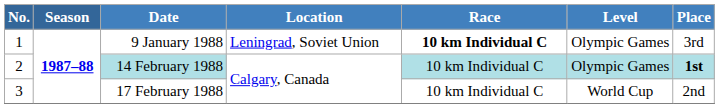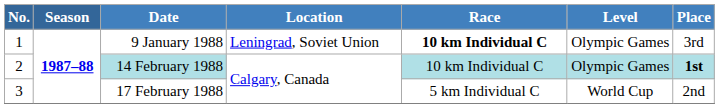 <table class="wikitable sortable" style="font-size:95%; text-align:center; border:grey solid 1px; border-collapse:collapse; background:#ffffff;">
 <tr style="background:#efefef;">
 <th style="background-color:#369; color:white;">No.</th>
 <th style="background-color:#369; color:white;">Season</th>
 <th style="background-color:#4180be; color:white; width:120px;">Date</th>
 <th style="background-color:#4180be; color:white; width:170px;">Location</th>
 <th style="background-color:#4180be; color:white; width:160px;">Race</th>
 <th style="background-color:#4180be; color:white; width:100px;">Level</th>
 <th style="background-color:#4180be; color:white;">Place</th>
 </tr>
 <tr>
 <td align=center>1</td>
 <td rowspan=3 align=center><strong> <a href='#'>1987–88</a> </strong></td>
 <td align=right>9 January 1988</td>
 <td align=left> <a href='#'>Leningrad</a>, Soviet Union</td>
 <td><strong>10 km Individual C</strong></td>
 <td>Olympic Games</td>
 <td>3rd</td>
 </tr>
 <tr>
 <td align=center>2</td>
 <td bgcolor="#BOEOE6" align=right>14 February 1988</td>
 <td rowspan=2 align=left> <a href='#'>Calgary</a>, Canada</td>
 <td bgcolor="#BOEOE6">10 km Individual C</td>
 <td bgcolor="#BOEOE6">Olympic Games</td>
 <td bgcolor="#BOEOE6"><strong>1st</strong></td>
 </tr>
 <tr>
 <td align=center>3</td>
 <td align=right>17 February 1988</td>
-<td>10 km Individual C</td>
+<td>5 km Individual C</td>
 <td>World Cup</td>
 <td>2nd</td>
 </tr>
 <tr>
 </tr>
 </table>
